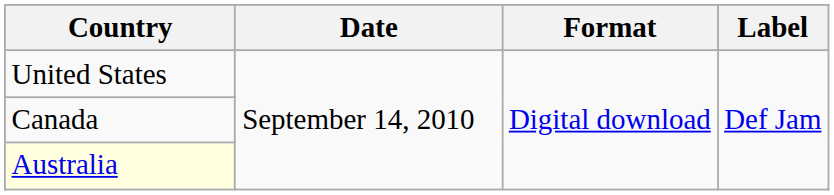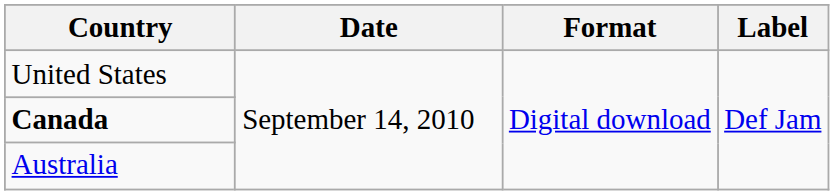 <table class="wikitable">
 <tr>
 <th style="width:120px;">Country</th>
 <th style="width:140px;">Date</th>
 <th>Format</th>
 <th>Label</th>
 </tr>
 <tr>
 <td>United States</td>
 <td rowspan="3">September 14, 2010</td>
 <td rowspan="3"><a href='#'>Digital download</a></td>
 <td rowspan="3"><a href='#'>Def Jam</a></td>
 </tr>
 <tr>
-<td>Canada</td>
+<td><strong>Canada</strong></td>
 </tr>
 <tr>
-<td style="background: lightyellow;"><a href='#'>Australia</a></td>
+<td><a href='#'>Australia</a></td>
 </tr>
 </table>
